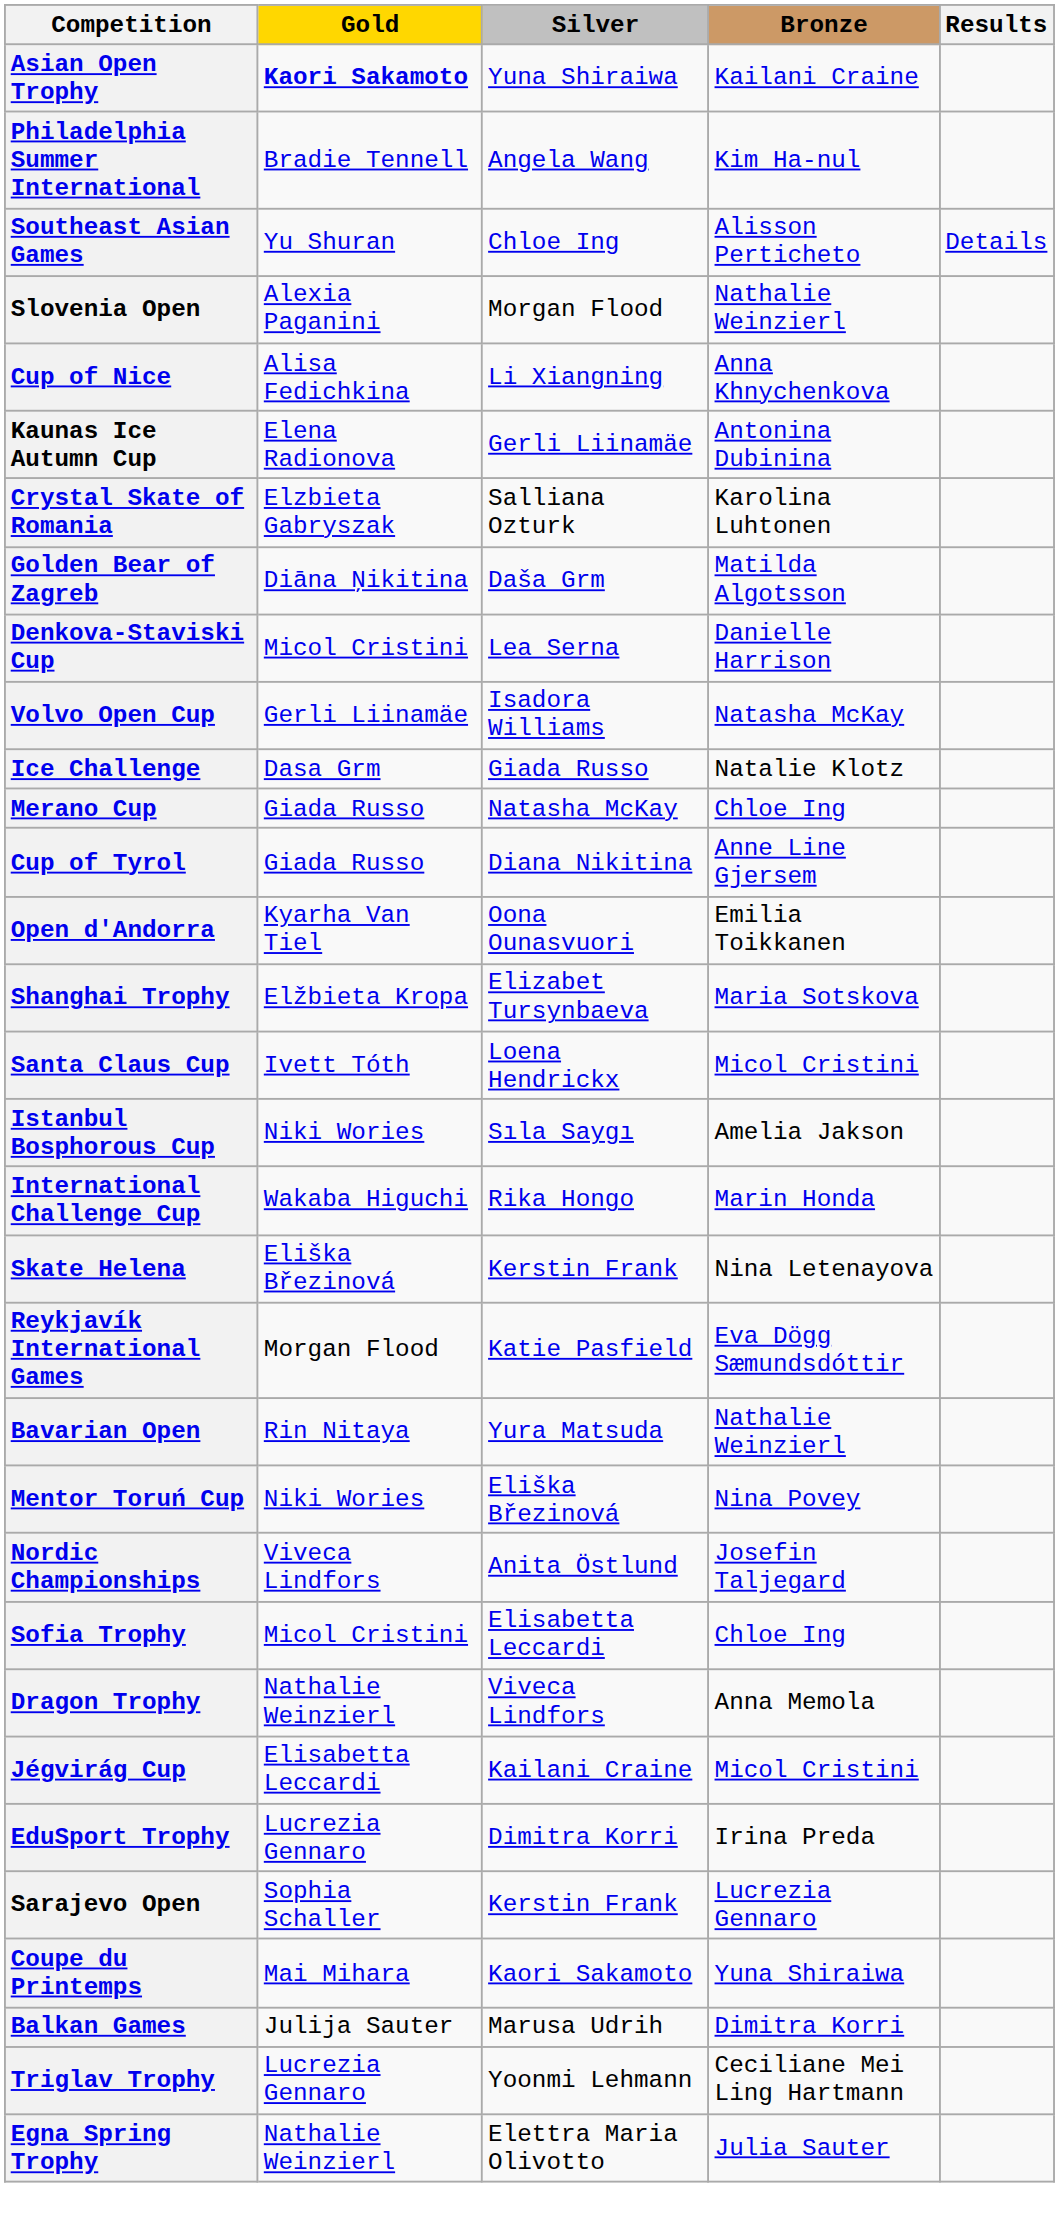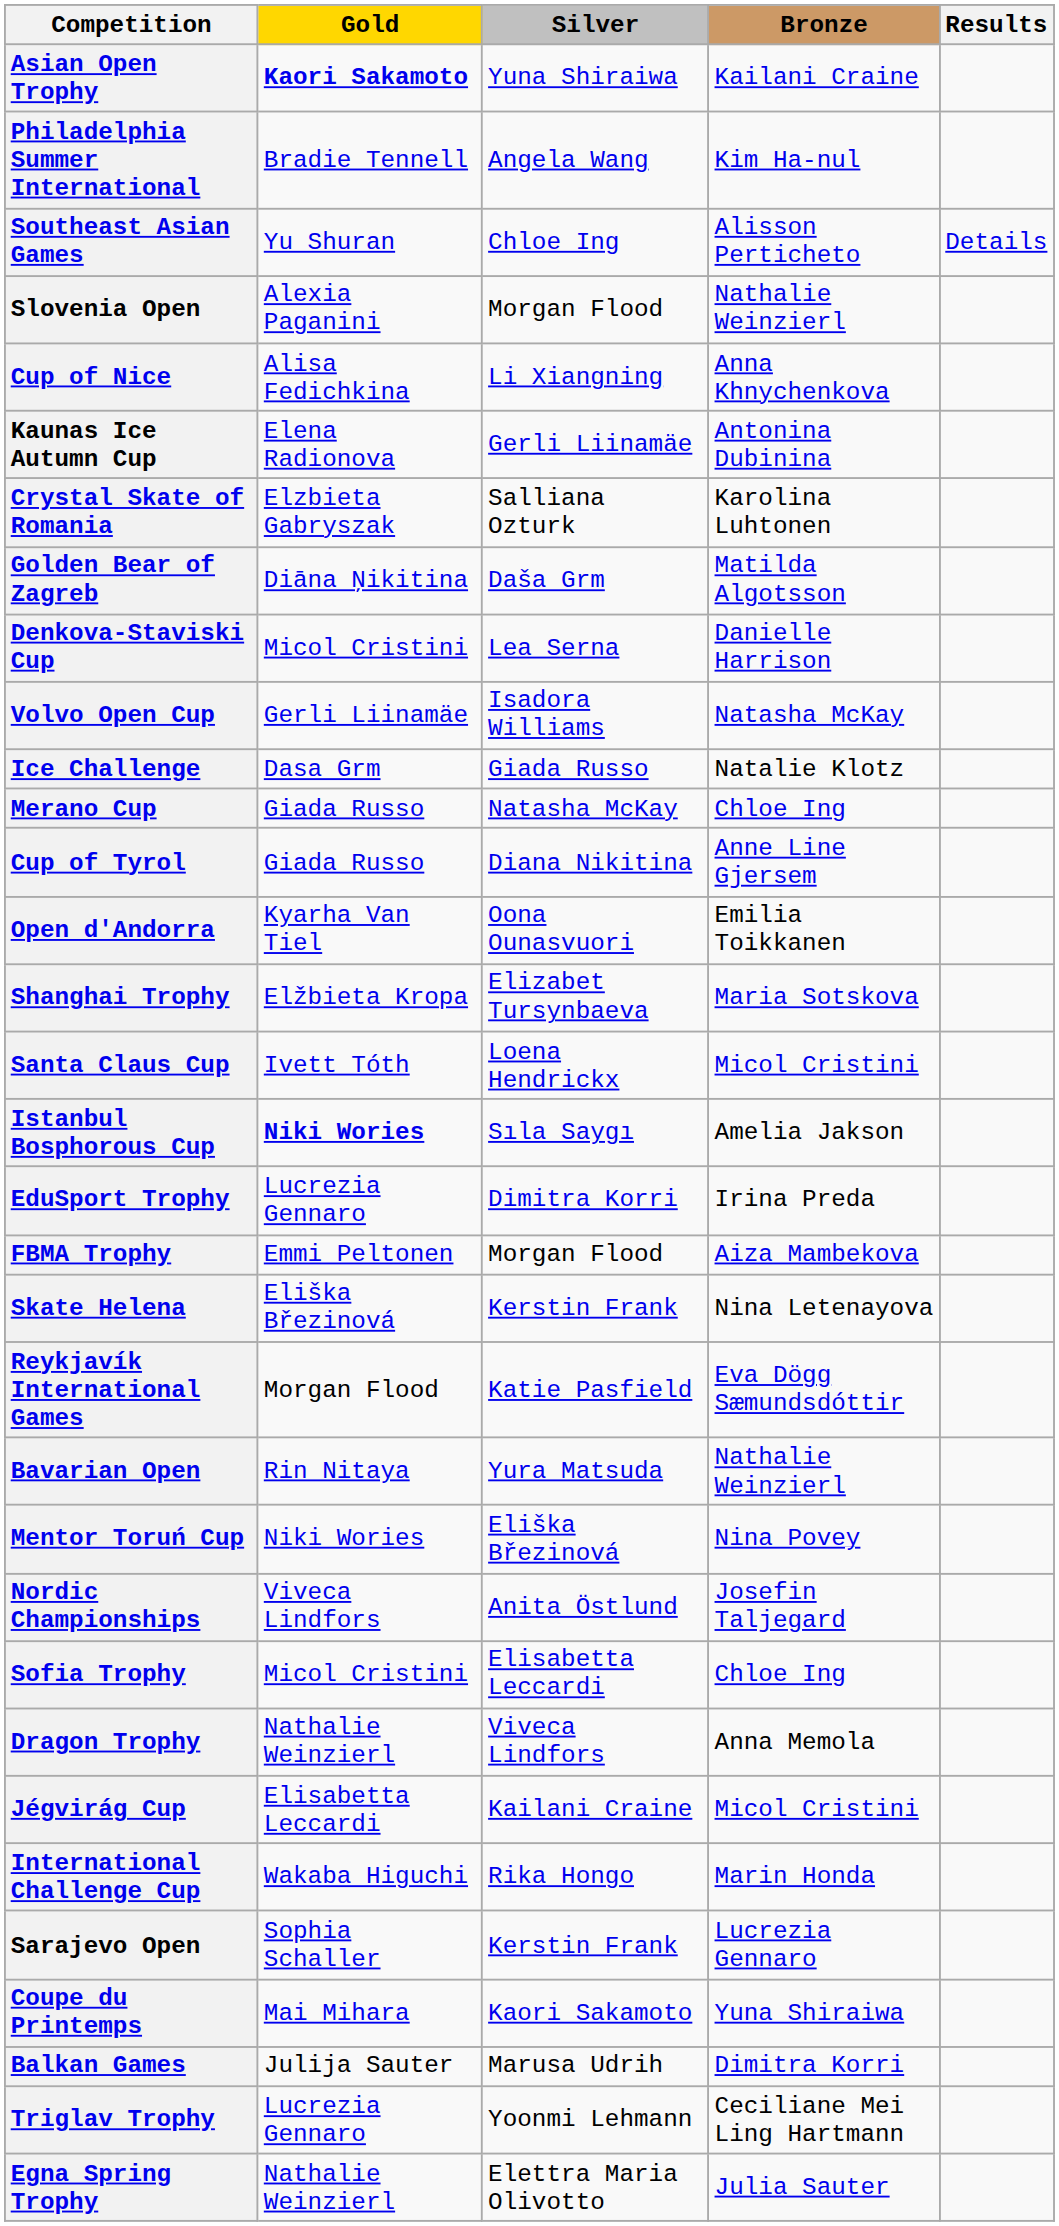 <table class="wikitable unsortable" style="text-align:left; width:90%;">
 <tr>
 <th scope="col" style="text-align:center; width:25%;">Competition</th>
 <td scope="col" style="text-align:center; width:22.5%; background:gold"><strong>Gold</strong></td>
 <td scope="col" style="text-align:center; width:22.5%; background:silver"><strong>Silver</strong></td>
 <td scope="col" style="text-align:center; width:22.5%; background:#c96"><strong>Bronze</strong></td>
 <th scope="col" style="text-align:center; width:7.5%;">Results</th>
 </tr>
 <tr>
 <th scope="row" style="text-align:left"> <a href='#'>Asian Open Trophy</a></th>
 <td><strong> <a href='#'>Kaori Sakamoto</a></strong></td>
 <td> <a href='#'>Yuna Shiraiwa</a></td>
 <td> <a href='#'>Kailani Craine</a></td>
 <td></td>
 </tr>
 <tr>
 <th scope="row" style="text-align:left"> <a href='#'>Philadelphia Summer International</a></th>
 <td> <a href='#'>Bradie Tennell</a></td>
 <td> <a href='#'>Angela Wang</a></td>
 <td> <a href='#'>Kim Ha-nul</a></td>
 <td></td>
 </tr>
 <tr>
 <th scope="row" style="text-align:left"> <a href='#'>Southeast Asian Games</a></th>
 <td> <a href='#'>Yu Shuran</a></td>
 <td> <a href='#'>Chloe Ing</a></td>
 <td> <a href='#'>Alisson Perticheto</a></td>
 <td><a href='#'>Details</a></td>
 </tr>
 <tr>
 <th scope="row" style="text-align:left"> Slovenia Open</th>
 <td> <a href='#'>Alexia Paganini</a></td>
 <td> Morgan Flood</td>
 <td> <a href='#'>Nathalie Weinzierl</a></td>
 <td></td>
 </tr>
 <tr>
 <th scope="row" style="text-align:left"> <a href='#'>Cup of Nice</a></th>
 <td> <a href='#'>Alisa Fedichkina</a></td>
 <td> <a href='#'>Li Xiangning</a></td>
 <td> <a href='#'>Anna Khnychenkova</a></td>
 <td></td>
 </tr>
 <tr>
 <th scope="row" style="text-align:left"> Kaunas Ice Autumn Cup</th>
 <td> <a href='#'>Elena Radionova</a></td>
 <td> <a href='#'>Gerli Liinamäe</a></td>
 <td> <a href='#'>Antonina Dubinina</a></td>
 <td></td>
 </tr>
 <tr>
 <th scope="row" style="text-align:left"> <a href='#'>Crystal Skate of Romania</a></th>
 <td> <a href='#'>Elzbieta Gabryszak</a></td>
 <td> Salliana Ozturk</td>
 <td> Karolina Luhtonen</td>
 <td></td>
 </tr>
 <tr>
 <th scope="row" style="text-align:left"> <a href='#'>Golden Bear of Zagreb</a></th>
 <td> <a href='#'>Diāna Ņikitina</a></td>
 <td> <a href='#'>Daša Grm</a></td>
 <td> <a href='#'>Matilda Algotsson</a></td>
 <td></td>
 </tr>
 <tr>
 <th scope="row" style="text-align:left"> <a href='#'>Denkova-Staviski Cup</a></th>
 <td> <a href='#'>Micol Cristini</a></td>
 <td> <a href='#'>Lea Serna</a></td>
 <td> <a href='#'>Danielle Harrison</a></td>
 <td></td>
 </tr>
 <tr>
 <th scope="row" style="text-align:left"> <a href='#'>Volvo Open Cup</a></th>
 <td> <a href='#'>Gerli Liinamäe</a></td>
 <td> <a href='#'>Isadora Williams</a></td>
 <td> <a href='#'>Natasha McKay</a></td>
 <td></td>
 </tr>
 <tr>
 <th scope="row" style="text-align:left"> <a href='#'>Ice Challenge</a></th>
 <td> <a href='#'>Dasa Grm</a></td>
 <td> <a href='#'>Giada Russo</a></td>
 <td> Natalie Klotz</td>
 <td></td>
 </tr>
 <tr>
 <th scope="row" style="text-align:left"> <a href='#'>Merano Cup</a></th>
 <td> <a href='#'>Giada Russo</a></td>
 <td> <a href='#'>Natasha McKay</a></td>
 <td> <a href='#'>Chloe Ing</a></td>
 <td></td>
 </tr>
 <tr>
 <th scope="row" style="text-align:left"> <a href='#'>Cup of Tyrol</a></th>
 <td> <a href='#'>Giada Russo</a></td>
 <td> <a href='#'>Diana Nikitina</a></td>
 <td> <a href='#'>Anne Line Gjersem</a></td>
 <td></td>
 </tr>
 <tr>
 <th scope="row" style="text-align:left"> <a href='#'>Open d'Andorra</a></th>
 <td> <a href='#'>Kyarha Van Tiel</a></td>
 <td> <a href='#'>Oona Ounasvuori</a></td>
 <td> Emilia Toikkanen</td>
 <td></td>
 </tr>
 <tr>
 <th scope="row" style="text-align:left"> <a href='#'>Shanghai Trophy</a></th>
 <td> <a href='#'>Elžbieta Kropa</a></td>
 <td> <a href='#'>Elizabet Tursynbaeva</a></td>
 <td> <a href='#'>Maria Sotskova</a></td>
 <td></td>
 </tr>
 <tr>
 <th scope="row" style="text-align:left"> <a href='#'>Santa Claus Cup</a></th>
 <td> <a href='#'>Ivett Tóth</a></td>
 <td> <a href='#'>Loena Hendrickx</a></td>
 <td> <a href='#'>Micol Cristini</a></td>
 <td></td>
 </tr>
 <tr>
 <th scope="row" style="text-align:left"> <a href='#'>Istanbul Bosphorous Cup</a></th>
-<td> <a href='#'>Niki Wories</a></td>
+<td><strong> <a href='#'>Niki Wories</a></strong></td>
 <td> <a href='#'>Sıla Saygı</a></td>
 <td> Amelia Jakson</td>
 <td></td>
 </tr>
 <tr>
-<th scope="row" style="text-align:left"> <a href='#'>International Challenge Cup</a></th>
-<td> <a href='#'>Wakaba Higuchi</a></td>
-<td> <a href='#'>Rika Hongo</a></td>
-<td> <a href='#'>Marin Honda</a></td>
+<th scope="row" style="text-align:left"> <a href='#'>EduSport Trophy</a></th>
+<td> <a href='#'>Lucrezia Gennaro</a></td>
+<td> <a href='#'>Dimitra Korri</a></td>
+<td> Irina Preda</td>
+<td></td>
+</tr>
+<tr>
+<th scope="row" style="text-align:left"> <a href='#'>FBMA Trophy</a></th>
+<td> <a href='#'>Emmi Peltonen</a></td>
+<td> Morgan Flood</td>
+<td> <a href='#'>Aiza Mambekova</a></td>
 <td></td>
 </tr>
 <tr>
 <th scope="row" style="text-align:left"> <a href='#'>Skate Helena</a></th>
 <td> <a href='#'>Eliška Březinová</a></td>
 <td> <a href='#'>Kerstin Frank</a></td>
 <td> Nina Letenayova</td>
 <td></td>
 </tr>
 <tr>
 <th scope="row" style="text-align:left"> <a href='#'>Reykjavík International Games</a></th>
 <td> Morgan Flood</td>
 <td> <a href='#'>Katie Pasfield</a></td>
 <td> <a href='#'>Eva Dögg Sæmundsdóttir</a></td>
 <td></td>
 </tr>
 <tr>
 <th scope="row" style="text-align:left"> <a href='#'>Bavarian Open</a></th>
 <td> <a href='#'>Rin Nitaya</a></td>
 <td> <a href='#'>Yura Matsuda</a></td>
 <td> <a href='#'>Nathalie Weinzierl</a></td>
 <td></td>
 </tr>
 <tr>
 <th scope="row" style="text-align:left"> <a href='#'>Mentor Toruń Cup</a></th>
 <td> <a href='#'>Niki Wories</a></td>
 <td> <a href='#'>Eliška Březinová</a></td>
 <td> <a href='#'>Nina Povey</a></td>
 <td></td>
 </tr>
 <tr>
 <th scope="row" style="text-align:left"> <a href='#'>Nordic Championships</a></th>
 <td> <a href='#'>Viveca Lindfors</a></td>
 <td> <a href='#'>Anita Östlund</a></td>
 <td> <a href='#'>Josefin Taljegard</a></td>
 <td></td>
 </tr>
 <tr>
 <th scope="row" style="text-align:left"> <a href='#'>Sofia Trophy</a></th>
 <td> <a href='#'>Micol Cristini</a></td>
 <td> <a href='#'>Elisabetta Leccardi</a></td>
 <td> <a href='#'>Chloe Ing</a></td>
 <td></td>
 </tr>
 <tr>
 <th scope="row" style="text-align:left"> <a href='#'>Dragon Trophy</a></th>
 <td> <a href='#'>Nathalie Weinzierl</a></td>
 <td> <a href='#'>Viveca Lindfors</a></td>
 <td> Anna Memola</td>
 <td></td>
 </tr>
 <tr>
 <th scope="row" style="text-align:left"> <a href='#'>Jégvirág Cup</a></th>
 <td> <a href='#'>Elisabetta Leccardi</a></td>
 <td> <a href='#'>Kailani Craine</a></td>
 <td> <a href='#'>Micol Cristini</a></td>
 <td></td>
 </tr>
 <tr>
-<th scope="row" style="text-align:left"> <a href='#'>EduSport Trophy</a></th>
-<td> <a href='#'>Lucrezia Gennaro</a></td>
-<td> <a href='#'>Dimitra Korri</a></td>
-<td> Irina Preda</td>
+<th scope="row" style="text-align:left"> <a href='#'>International Challenge Cup</a></th>
+<td> <a href='#'>Wakaba Higuchi</a></td>
+<td> <a href='#'>Rika Hongo</a></td>
+<td> <a href='#'>Marin Honda</a></td>
 <td></td>
 </tr>
 <tr>
 <th scope="row" style="text-align:left"> Sarajevo Open</th>
 <td> <a href='#'>Sophia Schaller</a></td>
 <td> <a href='#'>Kerstin Frank</a></td>
 <td> <a href='#'>Lucrezia Gennaro</a></td>
 <td></td>
 </tr>
 <tr>
 <th scope="row" style="text-align:left"> <a href='#'>Coupe du Printemps</a></th>
 <td> <a href='#'>Mai Mihara</a></td>
 <td> <a href='#'>Kaori Sakamoto</a></td>
 <td> <a href='#'>Yuna Shiraiwa</a></td>
 <td></td>
 </tr>
 <tr>
 <th scope="row" style="text-align:left"> <a href='#'>Balkan Games</a></th>
 <td> Julija Sauter</td>
 <td> Marusa Udrih</td>
 <td> <a href='#'>Dimitra Korri</a></td>
 <td></td>
 </tr>
 <tr>
 <th scope="row" style="text-align:left"> <a href='#'>Triglav Trophy</a></th>
 <td> <a href='#'>Lucrezia Gennaro</a></td>
 <td> Yoonmi Lehmann</td>
 <td> Ceciliane Mei Ling Hartmann</td>
 <td></td>
 </tr>
 <tr>
 <th scope="row" style="text-align:left"> <a href='#'>Egna Spring Trophy</a></th>
 <td> <a href='#'>Nathalie Weinzierl</a></td>
 <td> Elettra Maria Olivotto</td>
 <td> <a href='#'>Julia Sauter</a></td>
 <td></td>
 </tr>
 </table>
